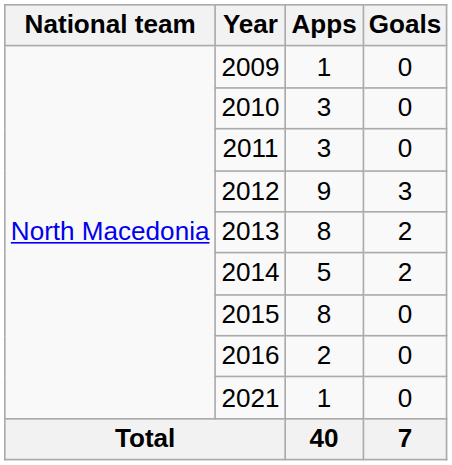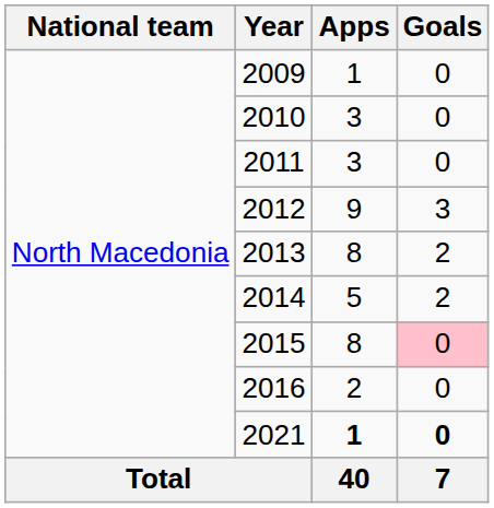 <table class="wikitable" style="text-align:center">
 <tr>
 <th>National team</th>
 <th>Year</th>
 <th>Apps</th>
 <th>Goals</th>
 </tr>
 <tr>
 <td rowspan="9"><a href='#'>North Macedonia</a></td>
 <td>2009</td>
 <td>1</td>
 <td>0</td>
 </tr>
 <tr>
 <td>2010</td>
 <td>3</td>
 <td>0</td>
 </tr>
 <tr>
 <td>2011</td>
 <td>3</td>
 <td>0</td>
 </tr>
 <tr>
 <td>2012</td>
 <td>9</td>
 <td>3</td>
 </tr>
 <tr>
 <td>2013</td>
 <td>8</td>
 <td>2</td>
 </tr>
 <tr>
 <td>2014</td>
 <td>5</td>
 <td>2</td>
 </tr>
 <tr>
 <td>2015</td>
 <td>8</td>
-<td>0</td>
+<td style="background: pink;">0</td>
 </tr>
 <tr>
 <td>2016</td>
 <td>2</td>
 <td>0</td>
 </tr>
 <tr>
 <td>2021</td>
-<td>1</td>
-<td>0</td>
+<td><strong>1</strong></td>
+<td><strong>0</strong></td>
 </tr>
 <tr>
 <th colspan="2">Total</th>
 <th>40</th>
 <th>7</th>
 </tr>
 </table>
